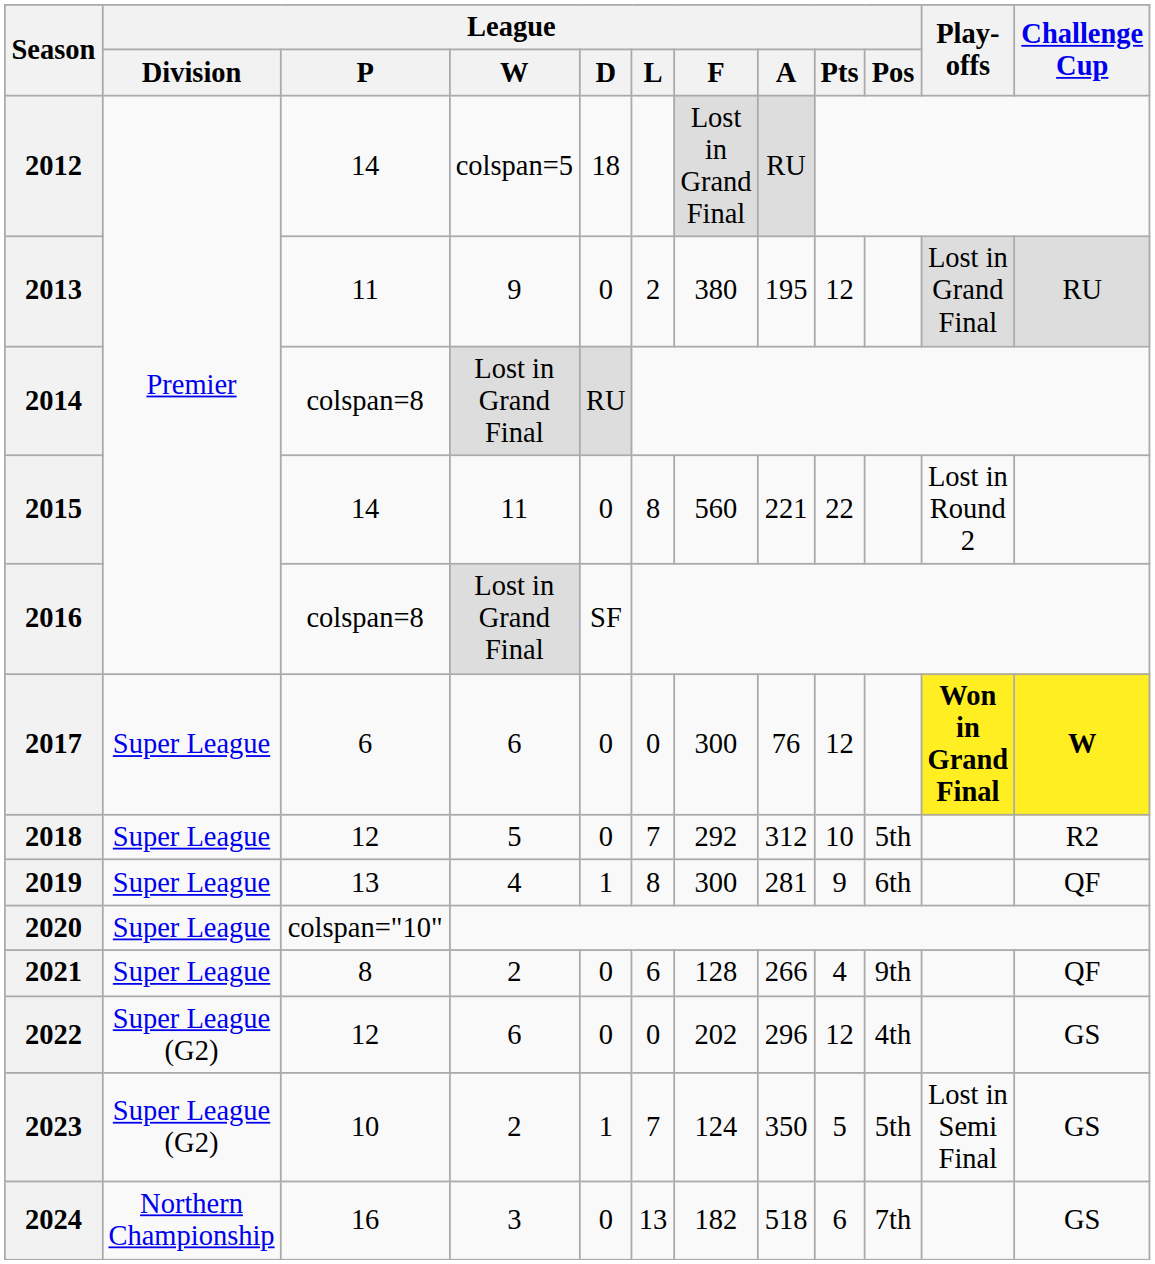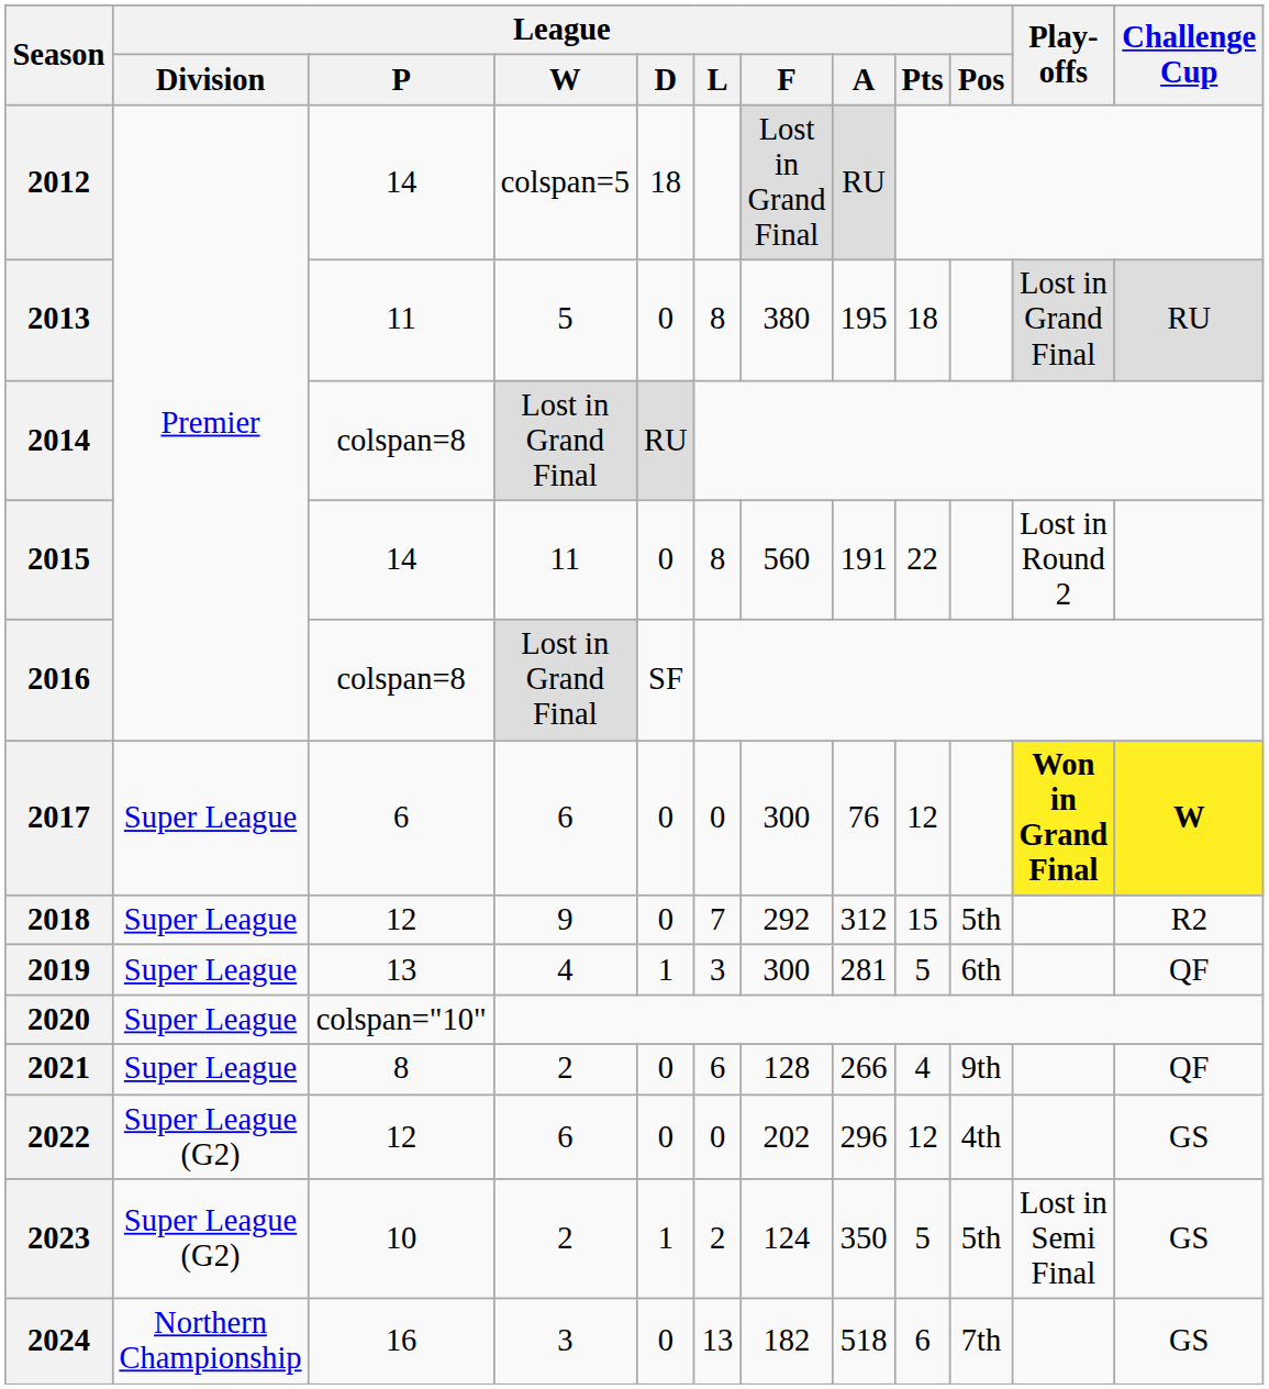 <table class="wikitable" style="text-align: center">
 <tr>
 <th rowspan="2" scope="col">Season</th>
 <th colspan="9" scope="col">League</th>
 <th rowspan="2" scope="col">Play-offs</th>
 <th rowspan="2" scope="col"><a href='#'>Challenge<br>Cup</a></th>
 </tr>
 <tr>
 <th scope="col">Division</th>
 <th scope="col">P</th>
 <th scope="col">W</th>
 <th scope="col">D</th>
 <th scope="col">L</th>
 <th scope="col">F</th>
 <th scope="col">A</th>
 <th scope="col">Pts</th>
 <th scope="col">Pos</th>
 </tr>
 <tr>
 <th scope="row">2012</th>
 <td rowspan="5"><a href='#'>Premier</a></td>
 <td>14</td>
 <td>colspan=5</td>
 <td>18</td>
 <td></td>
 <td style="background-color:#DDD">Lost in Grand Final</td>
 <td style="background-color:#DDD">RU</td>
 </tr>
 <tr>
 <th scope="row">2013</th>
 <td>11</td>
-<td>9</td>
+<td>5</td>
 <td>0</td>
-<td>2</td>
+<td>8</td>
 <td>380</td>
 <td>195</td>
-<td>12</td>
+<td>18</td>
 <td></td>
 <td style="background-color:#DDD">Lost in Grand Final</td>
 <td style="background-color:#DDD">RU</td>
 </tr>
 <tr>
 <th scope="row">2014</th>
 <td>colspan=8</td>
 <td style="background-color:#DDD">Lost in Grand Final</td>
 <td style="background-color:#DDD">RU</td>
 </tr>
 <tr>
 <th scope="row">2015</th>
 <td>14</td>
 <td>11</td>
 <td>0</td>
 <td>8</td>
 <td>560</td>
-<td>221</td>
+<td>191</td>
 <td>22</td>
 <td></td>
 <td>Lost in Round 2</td>
 <td></td>
 </tr>
 <tr>
 <th scope="row">2016</th>
 <td>colspan=8</td>
 <td style="background-color:#DDD">Lost in Grand Final</td>
 <td>SF</td>
 </tr>
 <tr>
 <th scope="row">2017</th>
 <td><a href='#'>Super League</a></td>
 <td>6</td>
 <td>6</td>
 <td>0</td>
 <td>0</td>
 <td>300</td>
 <td>76</td>
 <td>12</td>
 <td></td>
 <td style="background-color:#FE2"><strong>Won in Grand Final</strong></td>
 <td style="background-color:#FE2"><strong>W</strong></td>
 </tr>
 <tr>
 <th scope="row">2018</th>
 <td><a href='#'>Super League</a></td>
 <td>12</td>
-<td>5</td>
+<td>9</td>
 <td>0</td>
 <td>7</td>
 <td>292</td>
 <td>312</td>
-<td>10</td>
+<td>15</td>
 <td>5th</td>
 <td></td>
 <td>R2</td>
 </tr>
 <tr>
 <th scope="row">2019</th>
 <td><a href='#'>Super League</a></td>
 <td>13</td>
 <td>4</td>
 <td>1</td>
-<td>8</td>
+<td>3</td>
 <td>300</td>
 <td>281</td>
-<td>9</td>
+<td>5</td>
 <td>6th</td>
 <td></td>
 <td>QF</td>
 </tr>
 <tr>
 <th scope="row">2020</th>
 <td><a href='#'>Super League</a></td>
 <td>colspan="10"</td>
 </tr>
 <tr>
 <th scope="row">2021</th>
 <td><a href='#'>Super League</a></td>
 <td>8</td>
 <td>2</td>
 <td>0</td>
 <td>6</td>
 <td>128</td>
 <td>266</td>
 <td>4</td>
 <td>9th</td>
 <td></td>
 <td>QF</td>
 </tr>
 <tr>
 <th scope="row">2022</th>
 <td><a href='#'>Super League</a> (G2)</td>
 <td>12</td>
 <td>6</td>
 <td>0</td>
 <td>0</td>
 <td>202</td>
 <td>296</td>
 <td>12</td>
 <td>4th</td>
 <td></td>
 <td>GS</td>
 </tr>
 <tr>
 <th scope="row">2023</th>
 <td><a href='#'>Super League</a> (G2)</td>
 <td>10</td>
 <td>2</td>
 <td>1</td>
-<td>7</td>
+<td>2</td>
 <td>124</td>
 <td>350</td>
 <td>5</td>
 <td>5th</td>
 <td>Lost in Semi Final</td>
 <td>GS</td>
 </tr>
 <tr>
 <th scope="row">2024</th>
 <td><a href='#'>Northern Championship</a></td>
 <td>16</td>
 <td>3</td>
 <td>0</td>
 <td>13</td>
 <td>182</td>
 <td>518</td>
 <td>6</td>
 <td>7th</td>
 <td></td>
 <td>GS</td>
 </tr>
 </table>
